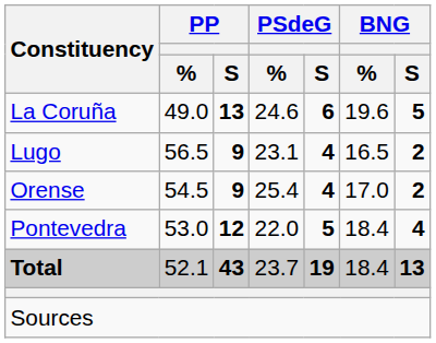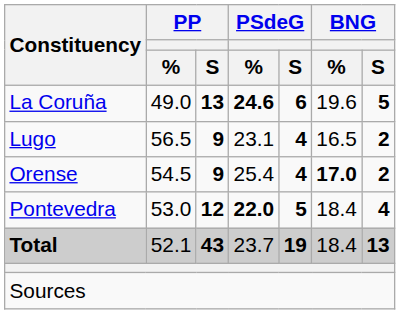 <table class="wikitable sortable" style="text-align:right; line-height:20px;">
 <tr>
 <th rowspan="3">Constituency</th>
 <th colspan="2" width="30px" class="unsortable"><a href='#'>PP</a></th>
 <th colspan="2" width="30px" class="unsortable"><a href='#'>PSdeG</a></th>
 <th colspan="2" width="30px" class="unsortable"><a href='#'>BNG</a></th>
 </tr>
 <tr>
 <th colspan="2" style="background:"></th>
 <th colspan="2" style="background:"></th>
 <th colspan="2" style="background:"></th>
 </tr>
 <tr>
 <th data-sort-type="number">%</th>
 <th data-sort-type="number">S</th>
 <th data-sort-type="number">%</th>
 <th data-sort-type="number">S</th>
 <th data-sort-type="number">%</th>
 <th data-sort-type="number">S</th>
 </tr>
 <tr>
 <td align="left"><a href='#'>La Coruña</a></td>
 <td style="background:">49.0</td>
 <td><strong>13</strong></td>
-<td>24.6</td>
+<td><strong>24.6</strong></td>
 <td><strong>6</strong></td>
 <td>19.6</td>
 <td><strong>5</strong></td>
 </tr>
 <tr>
 <td align="left"><a href='#'>Lugo</a></td>
 <td style="background:">56.5</td>
 <td><strong>9</strong></td>
 <td>23.1</td>
 <td><strong>4</strong></td>
 <td>16.5</td>
 <td><strong>2</strong></td>
 </tr>
 <tr>
 <td align="left"><a href='#'>Orense</a></td>
 <td style="background:">54.5</td>
 <td><strong>9</strong></td>
 <td>25.4</td>
 <td><strong>4</strong></td>
-<td>17.0</td>
+<td><strong>17.0</strong></td>
 <td><strong>2</strong></td>
 </tr>
 <tr>
 <td align="left"><a href='#'>Pontevedra</a></td>
 <td style="background:">53.0</td>
 <td><strong>12</strong></td>
-<td>22.0</td>
+<td><strong>22.0</strong></td>
 <td><strong>5</strong></td>
 <td>18.4</td>
 <td><strong>4</strong></td>
 </tr>
 <tr style="background:#CDCDCD;">
 <td align="left"><strong>Total</strong></td>
 <td style="background:">52.1</td>
 <td><strong>43</strong></td>
 <td>23.7</td>
 <td><strong>19</strong></td>
 <td>18.4</td>
 <td><strong>13</strong></td>
 </tr>
 <tr>
 <th colspan="7"></th>
 </tr>
 <tr>
 <th style="text-align:left; font-weight:normal; background:#F9F9F9" colspan="7">Sources</th>
 </tr>
 </table>
